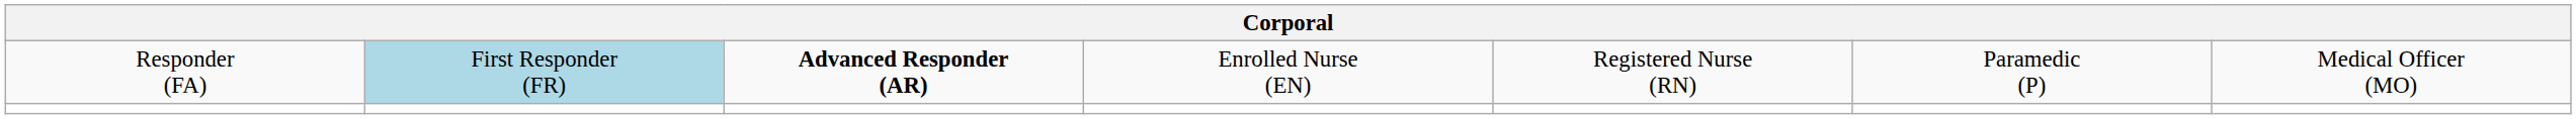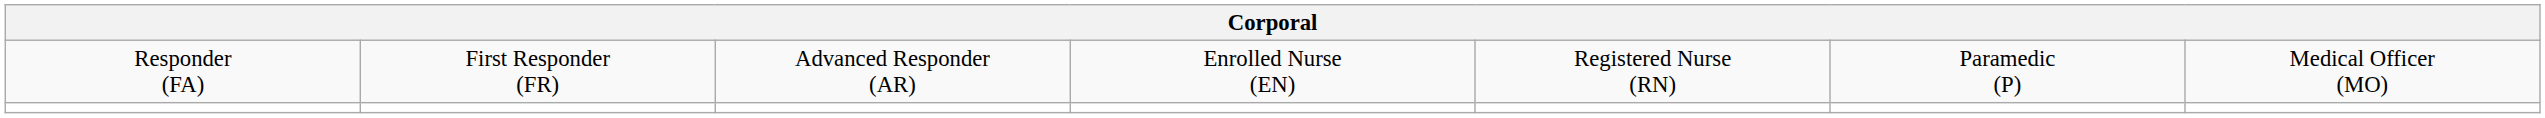 <table class="wikitable"  style="margin:0.5em auto; width:90%;">
 <tr>
 <th colspan=7>Corporal</th>
 </tr>
 <tr align=center>
 <td width="14%">Responder<br>(FA)</td>
-<td width="14%" style="background: lightblue;">First Responder<br>(FR)</td>
-<td width="14%"><strong>Advanced Responder<br>(AR)</strong></td>
+<td width="14%">First Responder<br>(FR)</td>
+<td width="14%">Advanced Responder<br>(AR)</td>
 <td width="16%">Enrolled Nurse<br>(EN)</td>
 <td width="14%">Registered Nurse<br>(RN)</td>
 <td width="14%">Paramedic<br>(P)</td>
 <td width="14%">Medical Officer<br>(MO)</td>
 </tr>
 <tr style="text-align:center; background: white;">
 <td></td>
 <td></td>
 <td></td>
 <td></td>
 <td></td>
 <td></td>
 <td></td>
 </tr>
 </table>
